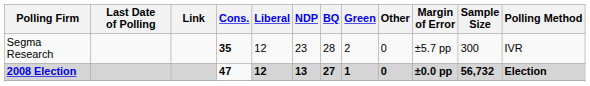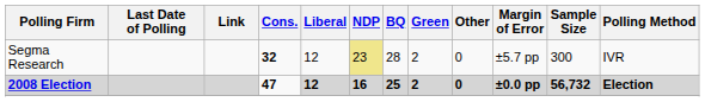 <table class="wikitable sortable">
 <tr style="background:#e9e9e9;">
 <th style="width:120px">Polling Firm</th>
 <th style="width:110px">Last Date<br>of Polling</th>
 <th style="width:60px" class="unsortable">Link</th>
 <th style="background-color:"><strong><a href='#'>Cons.</a></strong></th>
 <th style="background-color:"><strong><a href='#'>Liberal</a></strong></th>
 <th style="background-color:"><strong><a href='#'>NDP</a></strong></th>
 <th style="background-color:"><strong><a href='#'>BQ</a></strong></th>
 <th style="background-color:"><strong><a href='#'>Green</a></strong></th>
 <th style="background-color:"><strong>Other</strong></th>
 <th style="width:60px;" class=unsortable>Margin<br>of Error</th>
 <th style="width:50px;" class=unsortable>Sample<br>Size</th>
 <th class=unsortable>Polling Method</th>
 </tr>
 <tr>
 <td>Segma Research</td>
 <td></td>
 <td></td>
-<td><strong>35</strong></td>
+<td><strong>32</strong></td>
 <td>12</td>
-<td>23</td>
+<td style="background: khaki;">23</td>
 <td>28</td>
 <td>2</td>
 <td>0</td>
 <td>±5.7 pp</td>
 <td>300</td>
 <td>IVR</td>
 </tr>
 <tr>
 <td style="background:#D5D5D5"><strong><a href='#'>2008 Election</a></strong></td>
 <td style="background:#D5D5D5"><strong></strong></td>
 <td style="background:#D5D5D5"></td>
 <td><strong>47</strong></td>
 <td style="background:#D5D5D5"><strong>12</strong></td>
-<td style="background:#D5D5D5"><strong>13</strong></td>
-<td style="background:#D5D5D5"><strong>27</strong></td>
-<td style="background:#D5D5D5"><strong>1</strong></td>
+<td style="background:#D5D5D5"><strong>16</strong></td>
+<td style="background:#D5D5D5"><strong>25</strong></td>
+<td style="background:#D5D5D5"><strong>2</strong></td>
 <td style="background:#D5D5D5"><strong>0</strong></td>
 <td style="background:#D5D5D5"><strong>±0.0 pp</strong></td>
 <td style="background:#D5D5D5"><strong>56,732</strong></td>
 <td style="background:#D5D5D5"><strong>Election</strong></td>
 </tr>
 <tr>
 </tr>
 <tr>
 </tr>
 </table>
